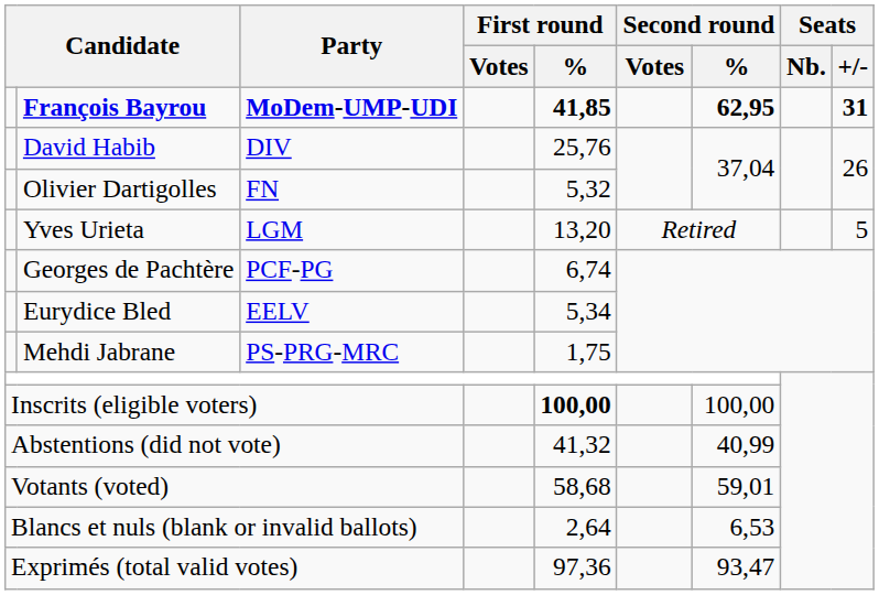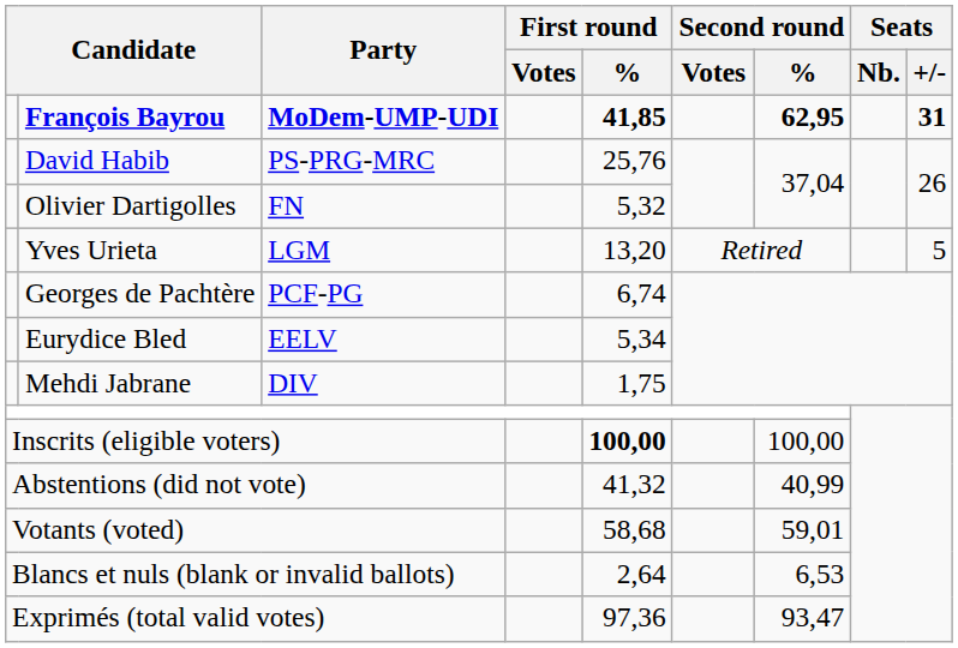 <table class="wikitable centre">
 <tr>
 <th scope="col" rowspan=2 colspan=2>Candidate</th>
 <th scope="col" rowspan=2 colspan=1>Party</th>
 <th scope="col" colspan=2>First round</th>
 <th scope="col" colspan=2>Second round</th>
 <th scope="col" colspan=2>Seats</th>
 </tr>
 <tr>
 <th scope="col">Votes</th>
 <th scope="col">%</th>
 <th scope="col">Votes</th>
 <th scope="col">%</th>
 <th scope="col">Nb.</th>
 <th scope="col">+/-</th>
 </tr>
 <tr>
 <td style="color:inherit;background:"></td>
 <td><strong><a href='#'>François Bayrou</a></strong></td>
 <td><strong><a href='#'>MoDem</a>-<a href='#'>UMP</a>-<a href='#'>UDI</a></strong></td>
 <td style="text-align: right"><strong></strong></td>
 <td style="text-align: right"><strong>41,85</strong></td>
 <td style="text-align: right"><strong></strong></td>
 <td style="text-align: right"><strong>62,95</strong></td>
 <td style="text-align: right"><strong></strong></td>
 <td style="text-align: right"><strong> 31</strong></td>
 </tr>
 <tr>
 <td style="color:inherit;background:"></td>
 <td><a href='#'>David Habib</a></td>
-<td><a href='#'>DIV</a></td>
+<td><a href='#'>PS</a>-<a href='#'>PRG</a>-<a href='#'>MRC</a></td>
 <td style="text-align: right"></td>
 <td style="text-align: right">25,76</td>
 <td style="text-align: right" rowspan=2></td>
 <td style="text-align: right" rowspan=2>37,04</td>
 <td style="text-align: right" rowspan=2></td>
 <td style="text-align: right" rowspan=2> 26</td>
 </tr>
 <tr>
 <td style="color:inherit;background:"></td>
 <td>Olivier Dartigolles</td>
 <td><a href='#'>FN</a></td>
 <td style="text-align: right"></td>
 <td style="text-align: right">5,32</td>
 </tr>
 <tr>
 <td style="color:inherit;background:"></td>
 <td>Yves Urieta</td>
 <td><a href='#'>LGM</a></td>
 <td style="text-align: right"></td>
 <td style="text-align: right">13,20</td>
 <td style="text-align: center" colspan=2><em>Retired</em></td>
 <td style="text-align: right"></td>
 <td style="text-align: right"> 5</td>
 </tr>
 <tr>
 <td style="color:inherit;background:"></td>
 <td>Georges de Pachtère</td>
 <td><a href='#'>PCF</a>-<a href='#'>PG</a></td>
 <td style="text-align: right"></td>
 <td style="text-align: right">6,74</td>
 <td colspan=9 rowspan=3></td>
 </tr>
 <tr>
 <td style="color:inherit;background:"></td>
 <td>Eurydice Bled</td>
 <td><a href='#'>EELV</a></td>
 <td style="text-align: right"></td>
 <td style="text-align: right">5,34</td>
 </tr>
 <tr>
 <td style="color:inherit;background:"></td>
 <td>Mehdi Jabrane</td>
-<td><a href='#'>PS</a>-<a href='#'>PRG</a>-<a href='#'>MRC</a></td>
+<td><a href='#'>DIV</a></td>
 <td style="text-align: right"></td>
 <td style="text-align: right">1,75</td>
 </tr>
 <tr bgcolor=white>
 <td colspan=7></td>
 </tr>
 <tr>
 <td colspan=3>Inscrits (eligible voters)</td>
 <td style="text-align: right"></td>
 <td style="text-align: right"><strong>100,00</strong></td>
 <td style="text-align: right"></td>
 <td style="text-align: right">100,00</td>
 </tr>
 <tr>
 <td colspan=3>Abstentions (did not vote)</td>
 <td style="text-align: right"></td>
 <td style="text-align: right">41,32</td>
 <td style="text-align: right"></td>
 <td style="text-align: right">40,99</td>
 </tr>
 <tr>
 <td colspan=3>Votants (voted)</td>
 <td style="text-align: right"></td>
 <td style="text-align: right">58,68</td>
 <td style="text-align: right"></td>
 <td style="text-align: right">59,01</td>
 </tr>
 <tr>
 <td colspan=3>Blancs et nuls (blank or invalid ballots)</td>
 <td style="text-align: right"></td>
 <td style="text-align: right">2,64</td>
 <td style="text-align: right"></td>
 <td style="text-align: right">6,53</td>
 </tr>
 <tr>
 <td colspan=3>Exprimés (total valid votes)</td>
 <td style="text-align: right"></td>
 <td style="text-align: right">97,36</td>
 <td style="text-align: right"></td>
 <td style="text-align: right">93,47</td>
 </tr>
 </table>
